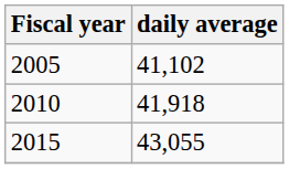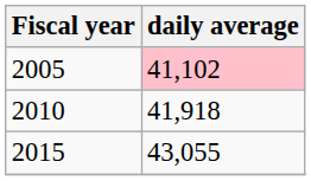 <table class="wikitable">
 <tr>
 <th>Fiscal year</th>
 <th>daily average</th>
 </tr>
 <tr>
 <td>2005</td>
-<td>41,102</td>
+<td style="background: pink;">41,102</td>
 </tr>
 <tr>
 <td>2010</td>
 <td>41,918</td>
 </tr>
 <tr>
 <td>2015</td>
 <td>43,055</td>
 </tr>
 <tr>
 </tr>
 </table>
